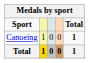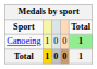 <table class="wikitable" style="text-align:center;font-size:85%;float:right;clear:right;">
 <tr style="background:#efefef;">
 <th colspan=5><strong>Medals by sport</strong></th>
 </tr>
 <tr>
 <td><strong>Sport</strong></td>
 <td bgcolor=#f7f6a8></td>
 <td bgcolor=#dce5e5></td>
 <td bgcolor=#ffdab9></td>
 <td><strong>Total</strong></td>
 </tr>
 <tr>
 <td align=left><a href='#'>Canoeing</a></td>
 <td style="background:#F7F6A8;">1</td>
 <td style="background:#DCE5E5;">0</td>
 <td style="background:#FFDAB9;">0</td>
-<td><strong>1</strong></td>
+<td style="background: lightgreen;"><strong>1</strong></td>
 </tr>
 <tr>
 <th><strong>Total</strong></th>
 <th style="background:gold;"><strong>1</strong></th>
 <th style="background:silver;"><strong>0</strong></th>
 <th style="background:#c96;"><strong>0</strong></th>
 <th><strong>1</strong></th>
 </tr>
 </table>
